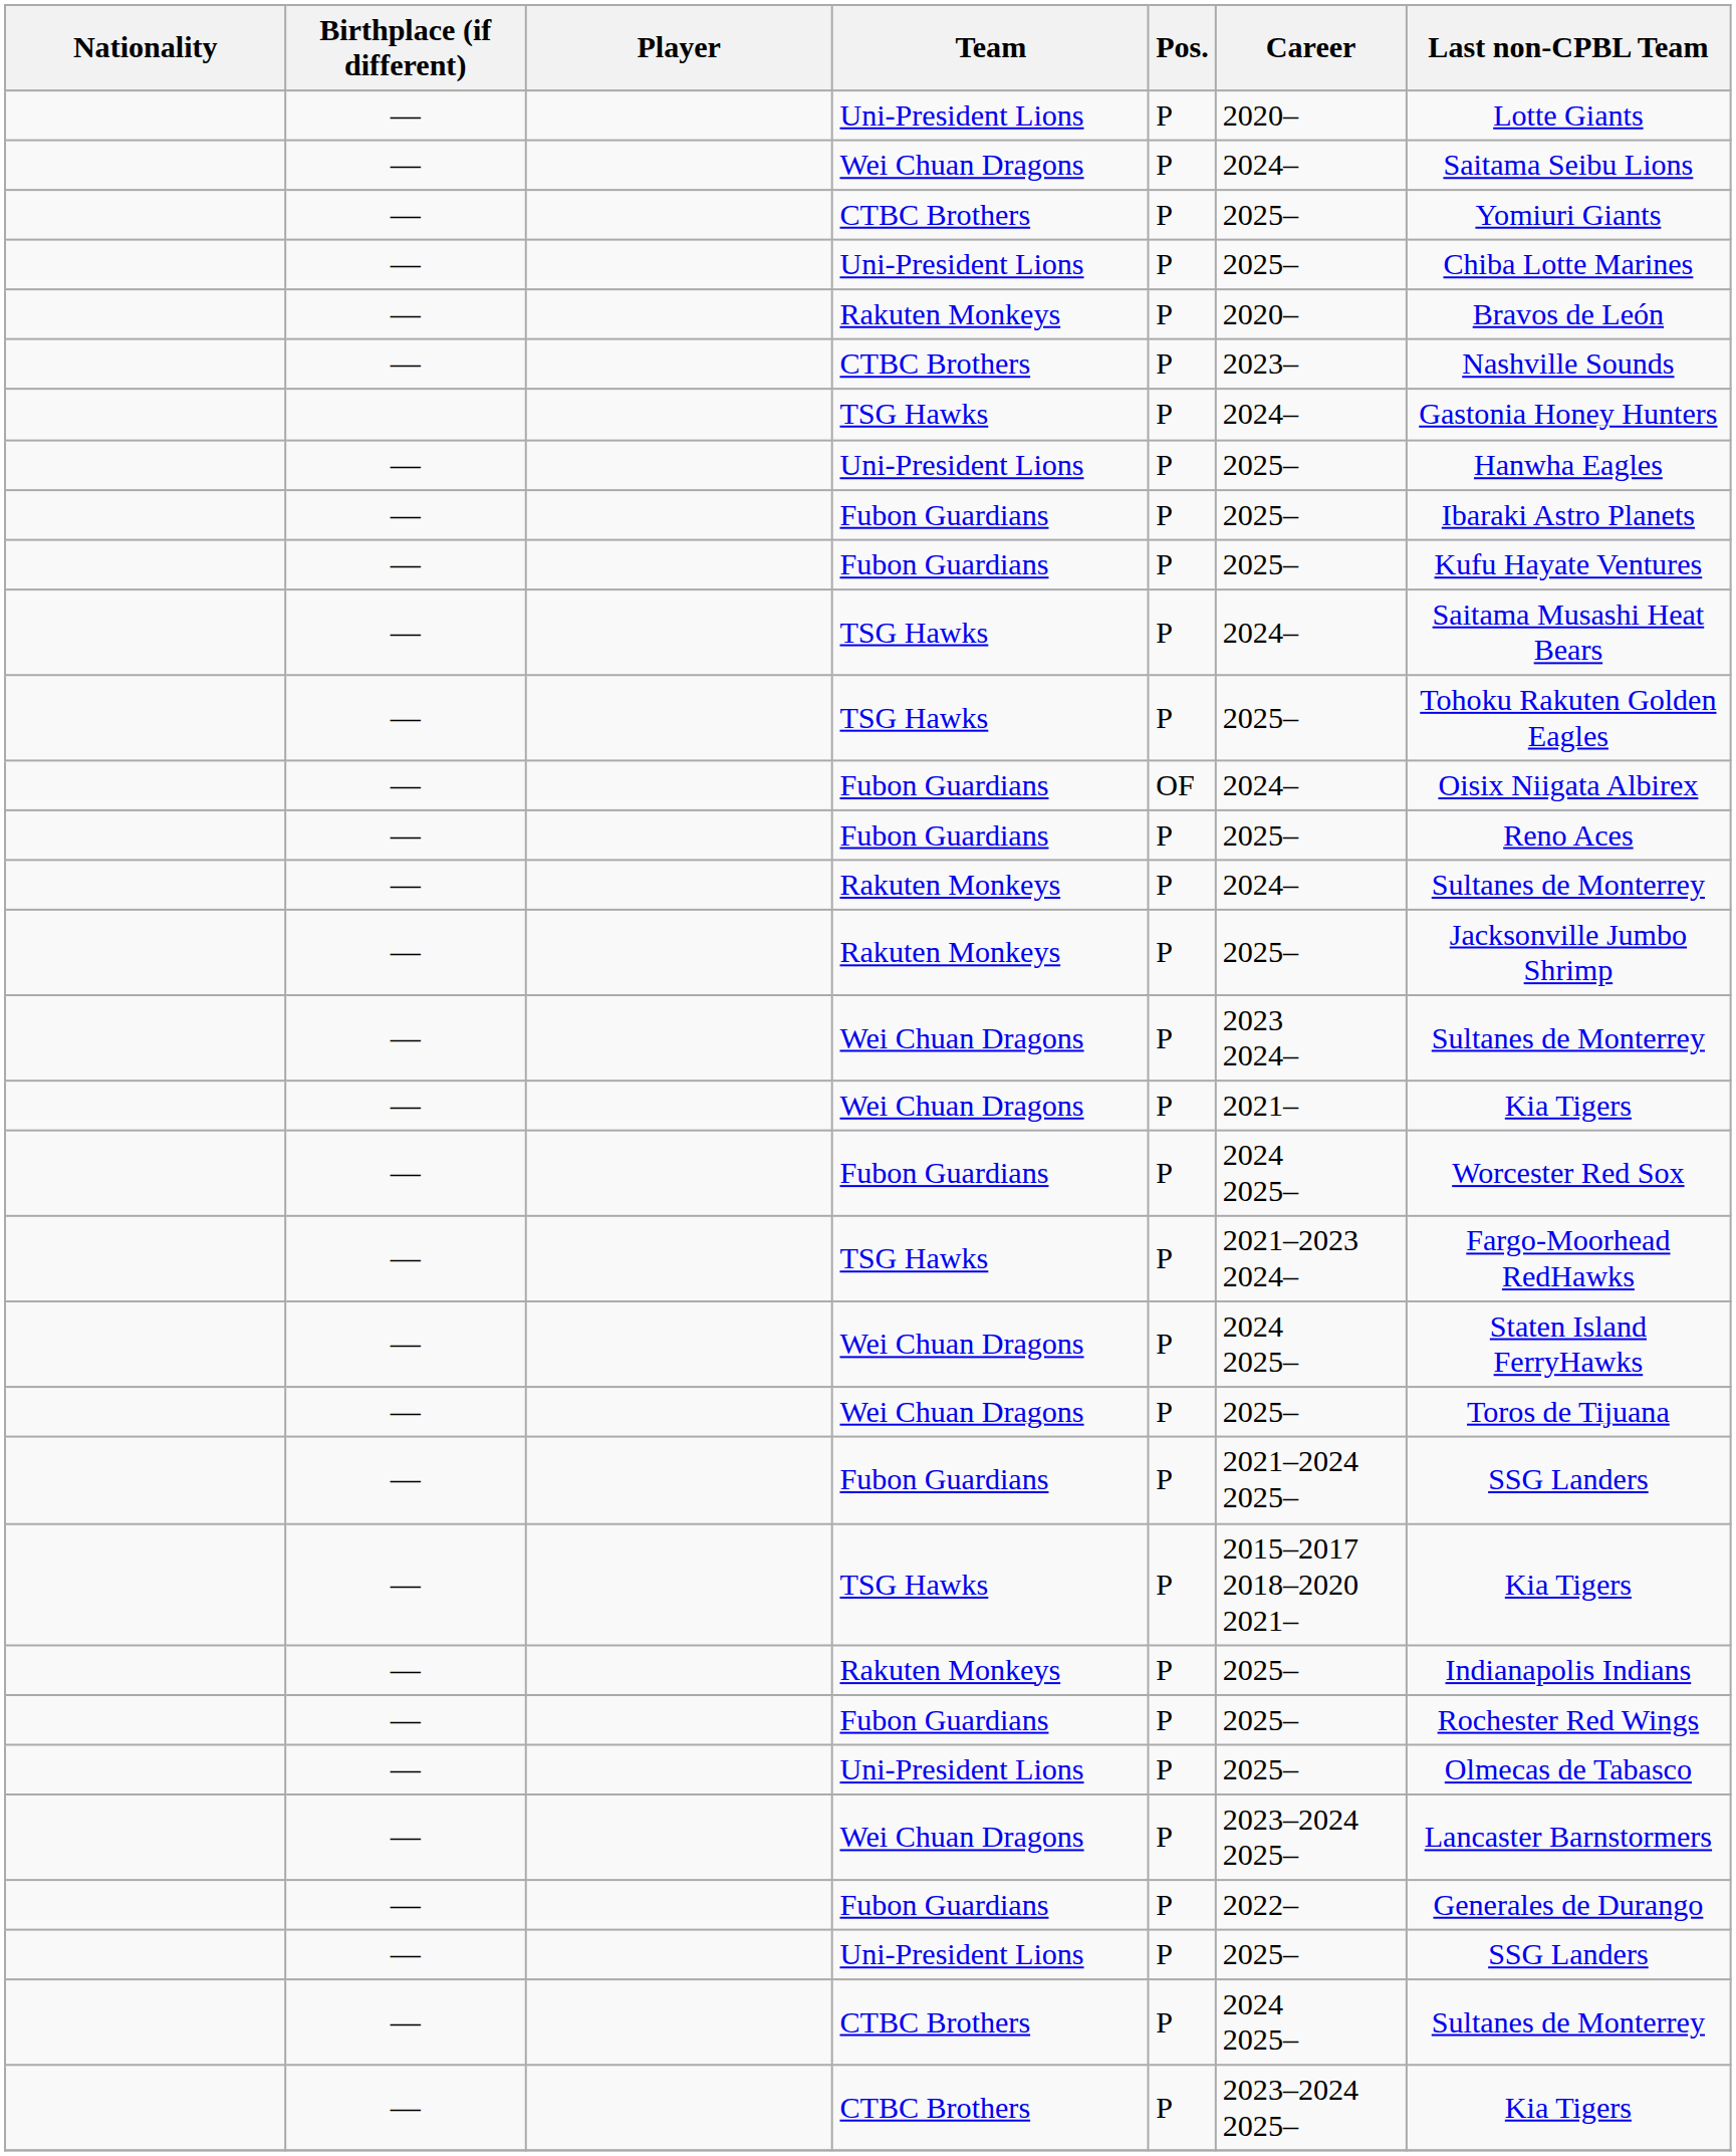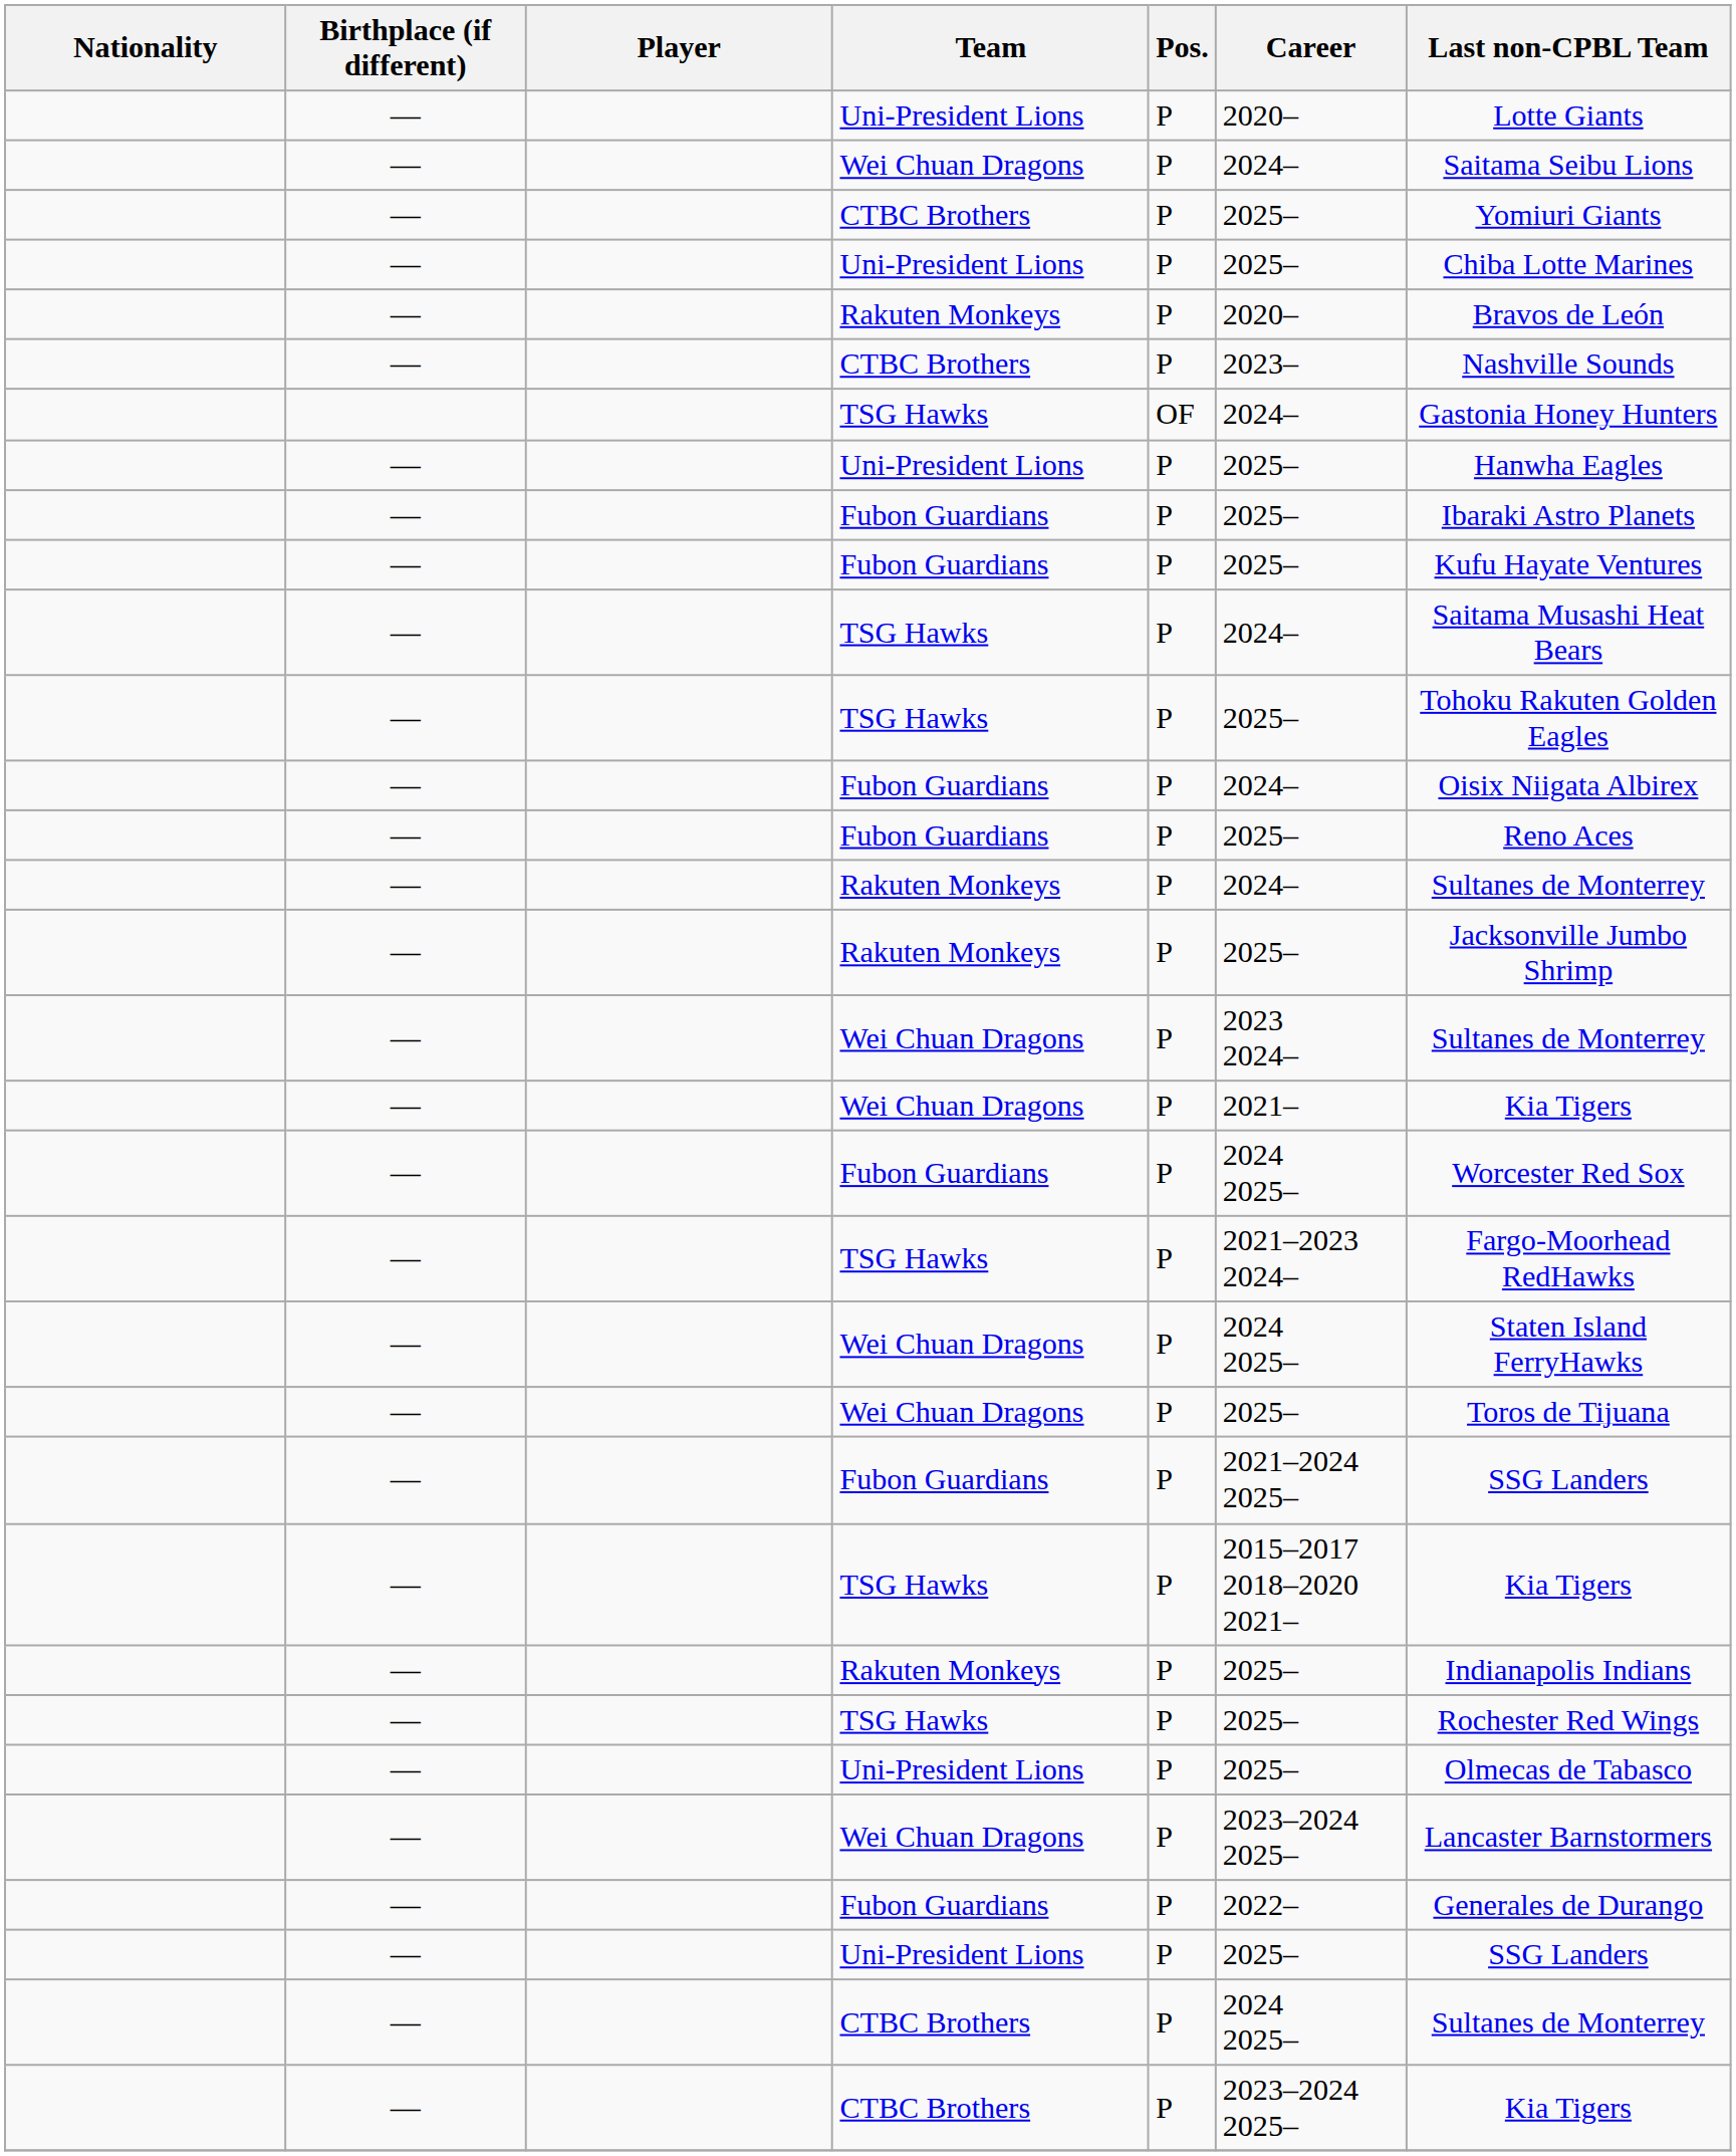 <table class="wikitable sortable" style="font-size:95%">
 <tr>
 <th scope="col" width="150px">Nationality</th>
 <th scope="col" width="125px">Birthplace (if different)</th>
 <th scope="col" width="175px">Player</th>
 <th scope="col" width="175px">Team</th>
 <th scope="col" width="25px">Pos.</th>
 <th scope="col" width="100px">Career</th>
 <th scope="col" width="175px">Last non-CPBL Team</th>
 </tr>
 <tr>
 <td></td>
 <td align="center">—</td>
 <td><strong></strong></td>
 <td><a href='#'>Uni-President Lions</a></td>
 <td>P</td>
 <td>2020– </td>
 <td align="center"> <a href='#'>Lotte Giants</a></td>
 </tr>
 <tr>
 <td></td>
 <td align="center">—</td>
 <td><strong></strong></td>
 <td><a href='#'>Wei Chuan Dragons</a></td>
 <td>P</td>
 <td>2024– </td>
 <td align="center"> <a href='#'>Saitama Seibu Lions</a></td>
 </tr>
 <tr>
 <td></td>
 <td align="center">—</td>
 <td></td>
 <td><a href='#'>CTBC Brothers</a></td>
 <td>P</td>
 <td>2025– </td>
 <td align="center"> <a href='#'>Yomiuri Giants</a></td>
 </tr>
 <tr>
 <td></td>
 <td align="center">—</td>
 <td><strong></strong></td>
 <td><a href='#'>Uni-President Lions</a></td>
 <td>P</td>
 <td>2025– </td>
 <td align="center"> <a href='#'>Chiba Lotte Marines</a></td>
 </tr>
 <tr>
 <td></td>
 <td align="center">—</td>
 <td></td>
 <td><a href='#'>Rakuten Monkeys</a></td>
 <td>P</td>
 <td>2020– </td>
 <td align="center"> <a href='#'>Bravos de León</a></td>
 </tr>
 <tr>
 <td></td>
 <td align="center">—</td>
 <td></td>
 <td><a href='#'>CTBC Brothers</a></td>
 <td>P</td>
 <td>2023– </td>
 <td align="center"> <a href='#'>Nashville Sounds</a></td>
 </tr>
 <tr>
 <td></td>
 <td></td>
 <td></td>
 <td><a href='#'>TSG Hawks</a></td>
-<td>P</td>
+<td>OF</td>
 <td>2024– </td>
 <td align="center"> <a href='#'>Gastonia Honey Hunters</a></td>
 </tr>
 <tr>
 <td></td>
 <td align="center">—</td>
 <td></td>
 <td><a href='#'>Uni-President Lions</a></td>
 <td>P</td>
 <td>2025– </td>
 <td align="center"> <a href='#'>Hanwha Eagles</a></td>
 </tr>
 <tr>
 <td></td>
 <td align="center">—</td>
 <td></td>
 <td><a href='#'>Fubon Guardians</a></td>
 <td>P</td>
 <td>2025– </td>
 <td align="center"> <a href='#'>Ibaraki Astro Planets</a></td>
 </tr>
 <tr>
 <td></td>
 <td align="center">—</td>
 <td></td>
 <td><a href='#'>Fubon Guardians</a></td>
 <td>P</td>
 <td>2025– </td>
 <td align="center"> <a href='#'>Kufu Hayate Ventures</a></td>
 </tr>
 <tr>
 <td></td>
 <td align="center">—</td>
 <td></td>
 <td><a href='#'>TSG Hawks</a></td>
 <td>P</td>
 <td>2024– </td>
 <td align="center"> <a href='#'>Saitama Musashi Heat Bears</a></td>
 </tr>
 <tr>
 <td></td>
 <td align="center">—</td>
 <td></td>
 <td><a href='#'>TSG Hawks</a></td>
 <td>P</td>
 <td>2025– </td>
 <td align="center"> <a href='#'>Tohoku Rakuten Golden Eagles</a></td>
 </tr>
 <tr>
 <td></td>
 <td align="center">—</td>
 <td></td>
 <td><a href='#'>Fubon Guardians</a></td>
-<td>OF</td>
+<td>P</td>
 <td>2024– </td>
 <td align="center"> <a href='#'>Oisix Niigata Albirex</a></td>
 </tr>
 <tr>
 <td></td>
 <td align="center">—</td>
 <td><strong></strong></td>
 <td><a href='#'>Fubon Guardians</a></td>
 <td>P</td>
 <td>2025– </td>
 <td align="center"> <a href='#'>Reno Aces</a></td>
 </tr>
 <tr>
 <td></td>
 <td align="center">—</td>
 <td></td>
 <td><a href='#'>Rakuten Monkeys</a></td>
 <td>P</td>
 <td>2024– </td>
 <td align="center"> <a href='#'>Sultanes de Monterrey</a></td>
 </tr>
 <tr>
 <td></td>
 <td align="center">—</td>
 <td></td>
 <td><a href='#'>Rakuten Monkeys</a></td>
 <td>P</td>
 <td>2025– </td>
 <td align="center"> <a href='#'>Jacksonville Jumbo Shrimp</a></td>
 </tr>
 <tr>
 <td></td>
 <td align="center">—</td>
 <td></td>
 <td><a href='#'>Wei Chuan Dragons</a></td>
 <td>P</td>
 <td>2023  <br> 2024– </td>
 <td align="center"> <a href='#'>Sultanes de Monterrey</a></td>
 </tr>
 <tr>
 <td></td>
 <td align="center">—</td>
 <td></td>
 <td><a href='#'>Wei Chuan Dragons</a></td>
 <td>P</td>
 <td>2021– </td>
 <td align="center"> <a href='#'>Kia Tigers</a></td>
 </tr>
 <tr>
 <td></td>
 <td align="center">—</td>
 <td><strong></strong></td>
 <td><a href='#'>Fubon Guardians</a></td>
 <td>P</td>
 <td>2024  <br> 2025– </td>
 <td align="center"> <a href='#'>Worcester Red Sox</a></td>
 </tr>
 <tr>
 <td></td>
 <td align="center">—</td>
 <td></td>
 <td><a href='#'>TSG Hawks</a></td>
 <td>P</td>
 <td>2021–2023  <br> 2024– </td>
 <td align="center"> <a href='#'>Fargo-Moorhead RedHawks</a></td>
 </tr>
 <tr>
 <td></td>
 <td align="center">—</td>
 <td></td>
 <td><a href='#'>Wei Chuan Dragons</a></td>
 <td>P</td>
 <td>2024  <br> 2025– </td>
 <td align="center"> <a href='#'>Staten Island FerryHawks</a></td>
 </tr>
 <tr>
 <td></td>
 <td align="center">—</td>
 <td></td>
 <td><a href='#'>Wei Chuan Dragons</a></td>
 <td>P</td>
 <td>2025– </td>
 <td align="center"> <a href='#'>Toros de Tijuana</a></td>
 </tr>
 <tr>
 <td></td>
 <td align="center">—</td>
 <td></td>
 <td><a href='#'>Fubon Guardians</a></td>
 <td>P</td>
 <td>2021–2024  <br> 2025– </td>
 <td align="center"> <a href='#'>SSG Landers</a></td>
 </tr>
 <tr>
 <td></td>
 <td align="center">—</td>
 <td></td>
 <td><a href='#'>TSG Hawks</a></td>
 <td>P</td>
 <td>2015–2017  <br> 2018–2020  <br> 2021– </td>
 <td align="center"> <a href='#'>Kia Tigers</a></td>
 </tr>
 <tr>
 <td></td>
 <td align="center">—</td>
 <td></td>
 <td><a href='#'>Rakuten Monkeys</a></td>
 <td>P</td>
 <td>2025– </td>
 <td align="center"> <a href='#'>Indianapolis Indians</a></td>
 </tr>
 <tr>
 <td></td>
 <td align="center">—</td>
 <td></td>
-<td><a href='#'>Fubon Guardians</a></td>
+<td><a href='#'>TSG Hawks</a></td>
 <td>P</td>
 <td>2025– </td>
 <td align="center"> <a href='#'>Rochester Red Wings</a></td>
 </tr>
 <tr>
 <td></td>
 <td align="center">—</td>
 <td></td>
 <td><a href='#'>Uni-President Lions</a></td>
 <td>P</td>
 <td>2025– </td>
 <td align="center"> <a href='#'>Olmecas de Tabasco</a></td>
 </tr>
 <tr>
 <td></td>
 <td align="center">—</td>
 <td></td>
 <td><a href='#'>Wei Chuan Dragons</a></td>
 <td>P</td>
 <td>2023–2024  <br> 2025– </td>
 <td align="center"> <a href='#'>Lancaster Barnstormers</a></td>
 </tr>
 <tr>
 <td></td>
 <td align="center">—</td>
 <td></td>
 <td><a href='#'>Fubon Guardians</a></td>
 <td>P</td>
 <td>2022– </td>
 <td align="center"> <a href='#'>Generales de Durango</a></td>
 </tr>
 <tr>
 <td></td>
 <td align="center">—</td>
 <td></td>
 <td><a href='#'>Uni-President Lions</a></td>
 <td>P</td>
 <td>2025– </td>
 <td align="center"> <a href='#'>SSG Landers</a></td>
 </tr>
 <tr>
 <td></td>
 <td align="center">—</td>
 <td><strong></strong></td>
 <td><a href='#'>CTBC Brothers</a></td>
 <td>P</td>
 <td>2024  <br> 2025– </td>
 <td align="center"> <a href='#'>Sultanes de Monterrey</a></td>
 </tr>
 <tr>
 <td></td>
 <td align="center">—</td>
 <td></td>
 <td><a href='#'>CTBC Brothers</a></td>
 <td>P</td>
 <td>2023–2024  <br> 2025– </td>
 <td align="center"> <a href='#'>Kia Tigers</a></td>
 </tr>
 <tr>
 </tr>
 </table>
